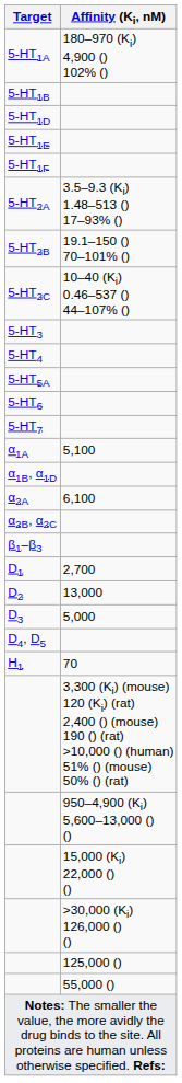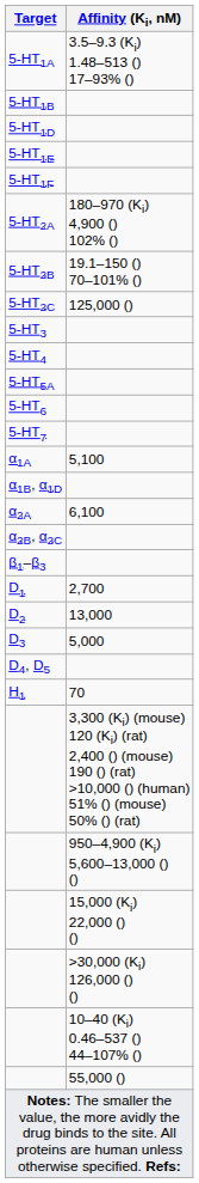 <table class="wikitable floatleft" style="font-size:small;">
 <tr>
 <th><a href='#'>Target</a></th>
 <th><a href='#'>Affinity</a> (K<sub>i</sub>, nM)</th>
 </tr>
 <tr>
 <td><a href='#'>5-HT<sub>1A</sub></a></td>
-<td>180–970 (K<sub>i</sub>)<br>4,900 ()<br>102% ()</td>
+<td>3.5–9.3 (K<sub>i</sub>)<br>1.48–513 ()<br>17–93% ()</td>
 </tr>
 <tr>
 <td><a href='#'>5-HT<sub>1B</sub></a></td>
 <td></td>
 </tr>
 <tr>
 <td><a href='#'>5-HT<sub>1D</sub></a></td>
 <td></td>
 </tr>
 <tr>
 <td><a href='#'>5-HT<sub>1E</sub></a></td>
 <td></td>
 </tr>
 <tr>
 <td><a href='#'>5-HT<sub>1F</sub></a></td>
 <td></td>
 </tr>
 <tr>
 <td><a href='#'>5-HT<sub>2A</sub></a></td>
-<td>3.5–9.3 (K<sub>i</sub>)<br>1.48–513 ()<br>17–93% ()</td>
+<td>180–970 (K<sub>i</sub>)<br>4,900 ()<br>102% ()</td>
 </tr>
 <tr>
 <td><a href='#'>5-HT<sub>2B</sub></a></td>
 <td>19.1–150 ()<br>70–101% ()</td>
 </tr>
 <tr>
 <td><a href='#'>5-HT<sub>2C</sub></a></td>
-<td>10–40 (K<sub>i</sub>)<br>0.46–537 ()<br>44–107% ()</td>
+<td>125,000 ()</td>
 </tr>
 <tr>
 <td><a href='#'>5-HT<sub>3</sub></a></td>
 <td></td>
 </tr>
 <tr>
 <td><a href='#'>5-HT<sub>4</sub></a></td>
 <td></td>
 </tr>
 <tr>
 <td><a href='#'>5-HT<sub>5A</sub></a></td>
 <td></td>
 </tr>
 <tr>
 <td><a href='#'>5-HT<sub>6</sub></a></td>
 <td></td>
 </tr>
 <tr>
 <td><a href='#'>5-HT<sub>7</sub></a></td>
 <td></td>
 </tr>
 <tr>
 <td><a href='#'>α<sub>1A</sub></a></td>
 <td>5,100</td>
 </tr>
 <tr>
 <td><a href='#'>α<sub>1B</sub></a>, <a href='#'>α<sub>1D</sub></a></td>
 <td></td>
 </tr>
 <tr>
 <td><a href='#'>α<sub>2A</sub></a></td>
 <td>6,100</td>
 </tr>
 <tr>
 <td><a href='#'>α<sub>2B</sub></a>, <a href='#'>α<sub>2C</sub></a></td>
 <td></td>
 </tr>
 <tr>
 <td><a href='#'>β<sub>1</sub></a>–<a href='#'>β<sub>3</sub></a></td>
 <td></td>
 </tr>
 <tr>
 <td><a href='#'>D<sub>1</sub></a></td>
 <td>2,700</td>
 </tr>
 <tr>
 <td><a href='#'>D<sub>2</sub></a></td>
 <td>13,000</td>
 </tr>
 <tr>
 <td><a href='#'>D<sub>3</sub></a></td>
 <td>5,000</td>
 </tr>
 <tr>
 <td><a href='#'>D<sub>4</sub></a>, <a href='#'>D<sub>5</sub></a></td>
 <td></td>
 </tr>
 <tr>
 <td><a href='#'>H<sub>1</sub></a></td>
 <td>70</td>
 </tr>
 <tr>
 <td></td>
 <td>3,300 (K<sub>i</sub>) (mouse)<br>120 (K<sub>i</sub>) (rat)<br>2,400 () (mouse)<br>190 () (rat)<br>>10,000 () (human)<br>51% () (mouse)<br>50% () (rat)</td>
 </tr>
 <tr>
 <td></td>
 <td>950–4,900 (K<sub>i</sub>)<br>5,600–13,000 ()<br>  ()</td>
 </tr>
 <tr>
 <td></td>
 <td>15,000 (K<sub>i</sub>)<br>22,000 ()<br>  ()</td>
 </tr>
 <tr>
 <td></td>
 <td>>30,000 (K<sub>i</sub>)<br>126,000 ()<br>  ()</td>
 </tr>
 <tr>
 <td></td>
-<td>125,000 ()</td>
+<td>10–40 (K<sub>i</sub>)<br>0.46–537 ()<br>44–107% ()</td>
 </tr>
 <tr>
 <td></td>
 <td>55,000 ()</td>
 </tr>
 <tr class="sortbottom">
 <td colspan="2" style="width: 1px; background-color:#eaecf0; text-align: center;"><strong>Notes:</strong> The smaller the value, the more avidly the drug binds to the site. All proteins are human unless otherwise specified. <strong>Refs:</strong> <br></td>
 </tr>
 </table>
